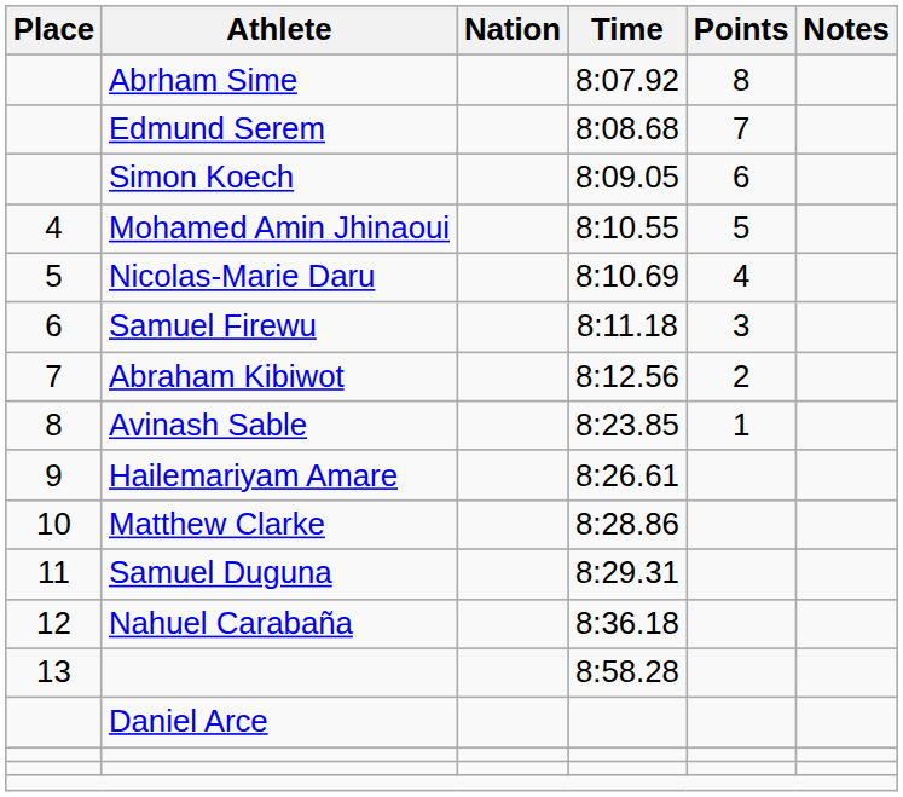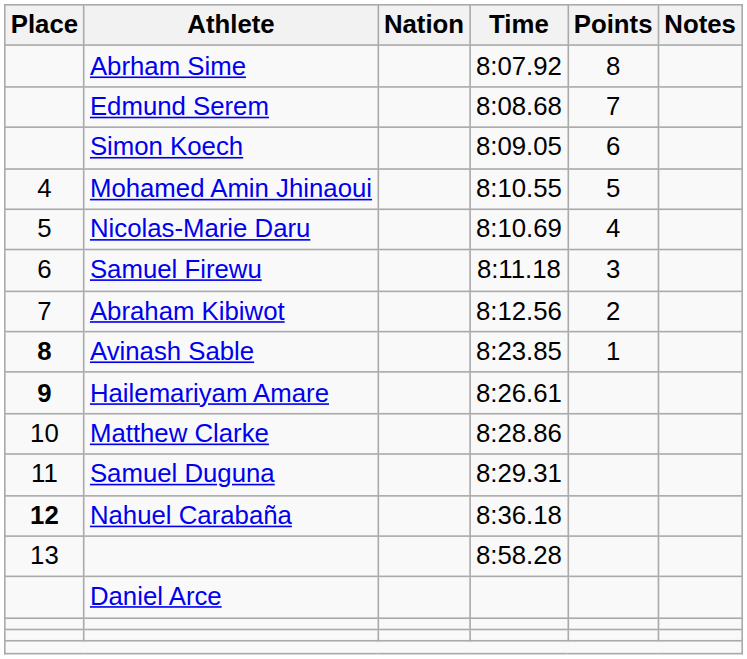 <table class="wikitable mw-datatable sortable" style="text-align:center;">
 <tr>
 <th scope="col">Place</th>
 <th scope="col">Athlete</th>
 <th scope="col">Nation</th>
 <th scope="col">Time</th>
 <th scope="col">Points</th>
 <th scope="col">Notes</th>
 </tr>
 <tr>
 <td></td>
 <td align="left"><a href='#'>Abrham Sime</a></td>
 <td align="left"></td>
 <td>8:07.92</td>
 <td>8</td>
 <td></td>
 </tr>
 <tr>
 <td></td>
 <td align="left"><a href='#'>Edmund Serem</a></td>
 <td align="left"></td>
 <td>8:08.68</td>
 <td>7</td>
 <td></td>
 </tr>
 <tr>
 <td></td>
 <td align="left"><a href='#'>Simon Koech</a></td>
 <td align="left"></td>
 <td>8:09.05</td>
 <td>6</td>
 <td></td>
 </tr>
 <tr>
 <td>4</td>
 <td align="left"><a href='#'>Mohamed Amin Jhinaoui</a></td>
 <td align="left"></td>
 <td>8:10.55</td>
 <td>5</td>
 <td></td>
 </tr>
 <tr>
 <td>5</td>
 <td align="left"><a href='#'>Nicolas-Marie Daru</a></td>
 <td align="left"></td>
 <td>8:10.69</td>
 <td>4</td>
 <td></td>
 </tr>
 <tr>
 <td>6</td>
 <td align="left"><a href='#'>Samuel Firewu</a></td>
 <td align="left"></td>
 <td>8:11.18</td>
 <td>3</td>
 <td></td>
 </tr>
 <tr>
 <td>7</td>
 <td align="left"><a href='#'>Abraham Kibiwot</a></td>
 <td align="left"></td>
 <td>8:12.56</td>
 <td>2</td>
 <td></td>
 </tr>
 <tr>
-<td>8</td>
+<td><strong>8</strong></td>
 <td align="left"><a href='#'>Avinash Sable</a></td>
 <td align="left"></td>
 <td>8:23.85</td>
 <td>1</td>
 <td></td>
 </tr>
 <tr>
-<td>9</td>
+<td><strong>9</strong></td>
 <td align="left"><a href='#'>Hailemariyam Amare</a></td>
 <td align="left"></td>
 <td>8:26.61</td>
 <td></td>
 <td></td>
 </tr>
 <tr>
 <td>10</td>
 <td align="left"><a href='#'>Matthew Clarke</a></td>
 <td align="left"></td>
 <td>8:28.86</td>
 <td></td>
 <td></td>
 </tr>
 <tr>
 <td>11</td>
 <td align="left"><a href='#'>Samuel Duguna</a></td>
 <td align="left"></td>
 <td>8:29.31</td>
 <td></td>
 <td></td>
 </tr>
 <tr>
-<td>12</td>
+<td><strong>12</strong></td>
 <td align="left"><a href='#'>Nahuel Carabaña</a></td>
 <td align="left"></td>
 <td>8:36.18</td>
 <td></td>
 <td></td>
 </tr>
 <tr>
 <td>13</td>
 <td align="left"></td>
 <td align="left"></td>
 <td>8:58.28</td>
 <td></td>
 <td></td>
 </tr>
 <tr>
 <td></td>
 <td align="left"><a href='#'>Daniel Arce</a></td>
 <td align="left"></td>
 <td></td>
 <td></td>
 <td></td>
 </tr>
 <tr>
 <td></td>
 <td align="left"></td>
 <td align="left"></td>
 <td></td>
 <td></td>
 <td></td>
 </tr>
 <tr class="sortbottom">
 <td></td>
 <td align="left"></td>
 <td align="left"></td>
 <td></td>
 <td></td>
 <td></td>
 </tr>
 <tr class="sortbottom">
 <td colspan="6"></td>
 </tr>
 </table>
